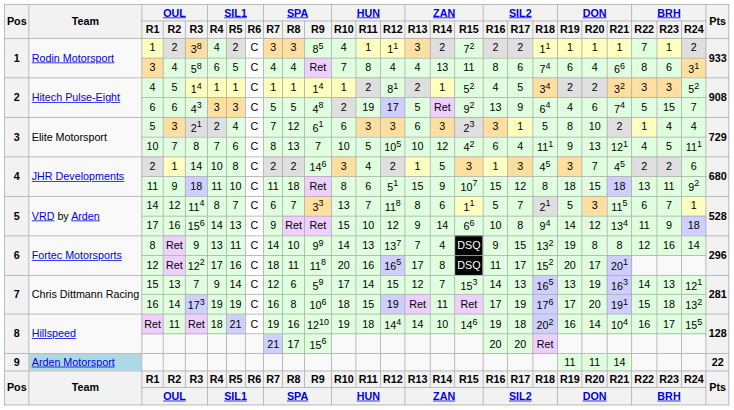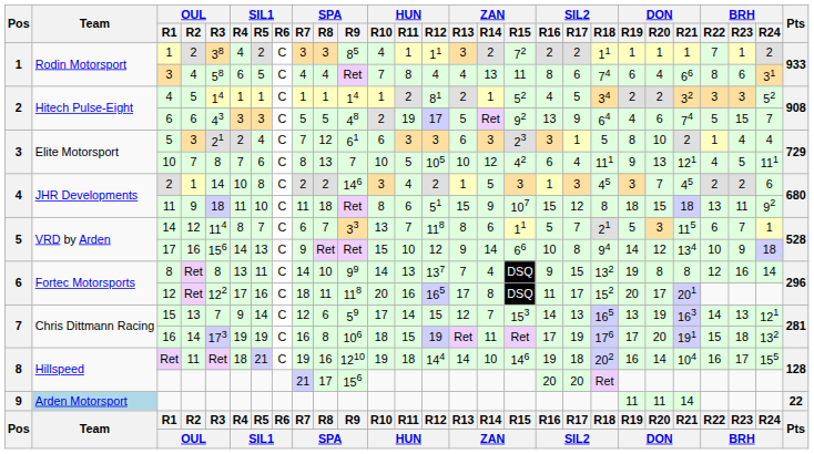 <table class="wikitable" style="font-size:85%; text-align:center">
 <tr>
 <th rowspan="2" valign="middle">Pos</th>
 <th rowspan="2" valign="middle">Team</th>
 <th colspan="3"><a href='#'>OUL</a><br></th>
 <th colspan="3"><a href='#'>SIL1</a><br></th>
 <th colspan="3"><a href='#'>SPA</a><br></th>
 <th colspan="3"><a href='#'>HUN</a><br></th>
 <th colspan="3"><a href='#'>ZAN</a><br></th>
 <th colspan="3"><a href='#'>SIL2</a><br></th>
 <th colspan="3"><a href='#'>DON</a><br></th>
 <th colspan="3"><a href='#'>BRH</a><br></th>
 <th rowspan="2" valign="middle">Pts</th>
 </tr>
 <tr>
 <th>R1</th>
 <th>R2</th>
 <th>R3</th>
 <th>R4</th>
 <th>R5</th>
 <th>R6</th>
 <th>R7</th>
 <th>R8</th>
 <th>R9</th>
 <th>R10</th>
 <th>R11</th>
 <th>R12</th>
 <th>R13</th>
 <th>R14</th>
 <th>R15</th>
 <th>R16</th>
 <th>R17</th>
 <th>R18</th>
 <th>R19</th>
 <th>R20</th>
 <th>R21</th>
 <th>R22</th>
 <th>R23</th>
 <th>R24</th>
 </tr>
 <tr>
 <th rowspan="2">1</th>
 <td rowspan="2" align="left"><a href='#'>Rodin Motorsport</a></td>
 <td bgcolor="#ffffbf">1</td>
 <td bgcolor="#dfdfdf">2</td>
 <td bgcolor="#ffdf9f">3<sup>8</sup></td>
 <td bgcolor="#dfffdf">4</td>
 <td bgcolor="#dfdfdf">2</td>
 <td bgcolor="#ffffff">C</td>
 <td bgcolor="#ffdf9f">3</td>
 <td bgcolor="#ffdf9f">3</td>
 <td bgcolor="#dfffdf">8<sup>5</sup></td>
 <td bgcolor="#dfffdf">4</td>
 <td bgcolor="#ffffbf">1</td>
 <td bgcolor="#ffffbf">1<sup>1</sup></td>
 <td bgcolor="#ffdf9f">3</td>
 <td bgcolor="#dfdfdf">2</td>
 <td bgcolor="#dfffdf">7<sup>2</sup></td>
 <td bgcolor="#dfdfdf">2</td>
 <td bgcolor="#dfdfdf">2</td>
 <td bgcolor="#ffffbf">1<sup>1</sup></td>
 <td bgcolor="#ffffbf">1</td>
 <td bgcolor="#ffffbf">1</td>
 <td bgcolor="#ffffbf">1</td>
 <td bgcolor="#dfffdf">7</td>
 <td bgcolor="#ffffbf">1</td>
 <td bgcolor="#dfdfdf">2</td>
 <th rowspan="2">933</th>
 </tr>
 <tr>
 <td bgcolor="#ffdf9f">3</td>
 <td bgcolor="#dfffdf">4</td>
 <td bgcolor="#dfffdf">5<sup>8</sup></td>
 <td bgcolor="#dfffdf">6</td>
 <td bgcolor="#dfffdf">5</td>
 <td bgcolor="#ffffff">C</td>
 <td bgcolor="#dfffdf">4</td>
 <td bgcolor="#dfffdf">4</td>
 <td bgcolor="#efcfff">Ret</td>
 <td bgcolor="#dfffdf">7</td>
 <td bgcolor="#dfffdf">8</td>
 <td bgcolor="#dfffdf">4</td>
 <td bgcolor="#dfffdf">4</td>
 <td bgcolor="#dfffdf">13</td>
 <td bgcolor="#dfffdf">11</td>
 <td bgcolor="#dfffdf">8</td>
 <td bgcolor="#dfffdf">6</td>
 <td bgcolor="#dfffdf">7<sup>4</sup></td>
 <td bgcolor="#dfffdf">6</td>
 <td bgcolor="#dfffdf">4</td>
 <td bgcolor="#dfffdf">6<sup>6</sup></td>
 <td bgcolor="#dfffdf">8</td>
 <td bgcolor="#dfffdf">6</td>
 <td bgcolor="#ffdf9f">3<sup>1</sup></td>
 </tr>
 <tr>
 <th rowspan="2">2</th>
 <td rowspan="2" align="left"><a href='#'>Hitech Pulse-Eight</a></td>
 <td bgcolor="#dfffdf">4</td>
 <td bgcolor="#dfffdf">5</td>
 <td bgcolor="#ffffbf">1<sup>4</sup></td>
 <td bgcolor="#ffffbf">1</td>
 <td bgcolor="#ffffbf">1</td>
 <td bgcolor="#ffffff">C</td>
 <td bgcolor="#ffffbf">1</td>
 <td bgcolor="#ffffbf">1</td>
 <td bgcolor="#ffffbf">1<sup>4</sup></td>
 <td bgcolor="#ffffbf">1</td>
 <td bgcolor="#dfdfdf">2</td>
 <td bgcolor="#dfffdf">8<sup>1</sup></td>
 <td bgcolor="#dfdfdf">2</td>
 <td bgcolor="#ffffbf">1</td>
 <td bgcolor="#dfffdf">5<sup>2</sup></td>
 <td bgcolor="#dfffdf">4</td>
 <td bgcolor="#dfffdf">5</td>
 <td bgcolor="#ffdf9f">3<sup>4</sup></td>
 <td bgcolor="#dfdfdf">2</td>
 <td bgcolor="#dfdfdf">2</td>
 <td bgcolor="#ffdf9f">3<sup>2</sup></td>
 <td bgcolor="#ffdf9f">3</td>
 <td bgcolor="#ffdf9f">3</td>
 <td bgcolor="#dfffdf">5<sup>2</sup></td>
 <th rowspan="2">908</th>
 </tr>
 <tr>
 <td bgcolor="#dfffdf">6</td>
 <td bgcolor="#dfffdf">6</td>
 <td bgcolor="#dfffdf">4<sup>3</sup></td>
 <td bgcolor="#ffdf9f">3</td>
 <td bgcolor="#ffdf9f">3</td>
 <td bgcolor="#ffffff">C</td>
 <td bgcolor="#dfffdf">5</td>
 <td bgcolor="#dfffdf">5</td>
 <td bgcolor="#dfffdf">4<sup>8</sup></td>
 <td bgcolor="#dfdfdf">2</td>
 <td bgcolor="#dfffdf">19</td>
 <td bgcolor="#cfcfff">17</td>
 <td bgcolor="#dfffdf">5</td>
 <td bgcolor="#efcfff">Ret</td>
 <td bgcolor="#dfffdf">9<sup>2</sup></td>
 <td bgcolor="#dfffdf">13</td>
 <td bgcolor="#dfffdf">9</td>
 <td bgcolor="#dfffdf">6<sup>4</sup></td>
 <td bgcolor="#dfffdf">4</td>
 <td bgcolor="#dfffdf">6</td>
 <td bgcolor="#dfffdf">7<sup>4</sup></td>
 <td bgcolor="#dfffdf">5</td>
 <td bgcolor="#dfffdf">15</td>
 <td bgcolor="#dfffdf">7</td>
 </tr>
 <tr>
 <th rowspan="2">3</th>
 <td rowspan="2" align="left">Elite Motorsport</td>
 <td bgcolor="#dfffdf">5</td>
 <td bgcolor="#ffdf9f">3</td>
 <td bgcolor="#dfdfdf">2<sup>1</sup></td>
 <td bgcolor="#dfdfdf">2</td>
 <td bgcolor="#dfffdf">4</td>
 <td bgcolor="#ffffff">C</td>
 <td bgcolor="#dfffdf">7</td>
 <td bgcolor="#dfffdf">12</td>
 <td bgcolor="#dfffdf">6<sup>1</sup></td>
 <td bgcolor="#dfffdf">6</td>
 <td bgcolor="#ffdf9f">3</td>
 <td bgcolor="#ffdf9f">3</td>
 <td bgcolor="#dfffdf">6</td>
 <td bgcolor="#ffdf9f">3</td>
 <td bgcolor="#dfdfdf">2<sup>3</sup></td>
 <td bgcolor="#ffdf9f">3</td>
 <td bgcolor="#ffffbf">1</td>
 <td bgcolor="#dfffdf">5</td>
 <td bgcolor="#dfffdf">8</td>
 <td bgcolor="#dfffdf">10</td>
 <td bgcolor="#dfdfdf">2</td>
 <td bgcolor="#ffffbf">1</td>
 <td bgcolor="#dfffdf">4</td>
 <td bgcolor="#dfffdf">4</td>
 <th rowspan="2">729</th>
 </tr>
 <tr>
 <td bgcolor="#dfffdf">10</td>
 <td bgcolor="#dfffdf">7</td>
 <td bgcolor="#dfffdf">8</td>
 <td bgcolor="#dfffdf">7</td>
 <td bgcolor="#dfffdf">6</td>
 <td bgcolor="#ffffff">C</td>
 <td bgcolor="#dfffdf">8</td>
 <td bgcolor="#dfffdf">13</td>
 <td bgcolor="#dfffdf">7</td>
 <td bgcolor="#dfffdf">10</td>
 <td bgcolor="#dfffdf">5</td>
 <td bgcolor="#dfffdf">10<sup>5</sup></td>
 <td bgcolor="#dfffdf">10</td>
 <td bgcolor="#dfffdf">12</td>
 <td bgcolor="#dfffdf">4<sup>2</sup></td>
 <td bgcolor="#dfffdf">6</td>
 <td bgcolor="#dfffdf">4</td>
 <td bgcolor="#dfffdf">11<sup>1</sup></td>
 <td bgcolor="#dfffdf">9</td>
 <td bgcolor="#dfffdf">13</td>
 <td bgcolor="#dfffdf">12<sup>1</sup></td>
 <td bgcolor="#dfffdf">4</td>
 <td bgcolor="#dfffdf">5</td>
 <td bgcolor="#dfffdf">11<sup>1</sup></td>
 </tr>
 <tr>
 <th rowspan="2">4</th>
 <td rowspan="2" align="left"><a href='#'>JHR Developments</a></td>
 <td bgcolor="#dfdfdf">2</td>
 <td bgcolor="#ffffbf">1</td>
 <td bgcolor="#dfffdf">14</td>
 <td bgcolor="#dfffdf">10</td>
 <td bgcolor="#dfffdf">8</td>
 <td bgcolor="#ffffff">C</td>
 <td bgcolor="#dfdfdf">2</td>
 <td bgcolor="#dfdfdf">2</td>
 <td bgcolor="#dfffdf">14<sup>6</sup></td>
 <td bgcolor="#ffdf9f">3</td>
 <td bgcolor="#dfffdf">4</td>
 <td bgcolor="#dfdfdf">2</td>
 <td bgcolor="#ffffbf">1</td>
 <td bgcolor="#dfffdf">5</td>
 <td bgcolor="#ffdf9f">3</td>
 <td bgcolor="#ffffbf">1</td>
 <td bgcolor="#ffdf9f">3</td>
 <td bgcolor="#dfffdf">4<sup>5</sup></td>
 <td bgcolor="#ffdf9f">3</td>
 <td bgcolor="#dfffdf">7</td>
 <td bgcolor="#dfffdf">4<sup>5</sup></td>
 <td bgcolor="#dfdfdf">2</td>
 <td bgcolor="#dfdfdf">2</td>
 <td bgcolor="#dfffdf">6</td>
 <th rowspan="2">680</th>
 </tr>
 <tr>
 <td bgcolor="#dfffdf">11</td>
 <td bgcolor="#dfffdf">9</td>
 <td bgcolor="#cfcfff">18</td>
 <td bgcolor="#dfffdf">11</td>
 <td bgcolor="#dfffdf">10</td>
 <td bgcolor="#ffffff">C</td>
 <td bgcolor="#dfffdf">11</td>
 <td bgcolor="#dfffdf">18</td>
 <td bgcolor="#efcfff">Ret</td>
 <td bgcolor="#dfffdf">8</td>
 <td bgcolor="#dfffdf">6</td>
 <td bgcolor="#dfffdf">5<sup>1</sup></td>
 <td bgcolor="#dfffdf">15</td>
 <td bgcolor="#dfffdf">9</td>
 <td bgcolor="#dfffdf">10<sup>7</sup></td>
 <td bgcolor="#dfffdf">15</td>
 <td bgcolor="#dfffdf">12</td>
 <td bgcolor="#dfffdf">8</td>
 <td bgcolor="#dfffdf">18</td>
 <td bgcolor="#dfffdf">15</td>
 <td bgcolor="#cfcfff">18</td>
 <td bgcolor="#dfffdf">13</td>
 <td bgcolor="#dfffdf">11</td>
 <td bgcolor="#dfffdf">9<sup>2</sup></td>
 </tr>
 <tr>
 <th rowspan="2">5</th>
 <td rowspan="2" nowrap align="left"><a href='#'>VRD</a> by <a href='#'>Arden</a></td>
 <td bgcolor="#dfffdf">14</td>
 <td bgcolor="#dfffdf">12</td>
 <td bgcolor="#dfffdf">11<sup>4</sup></td>
 <td bgcolor="#dfffdf">8</td>
 <td bgcolor="#dfffdf">7</td>
 <td bgcolor="#ffffff">C</td>
 <td bgcolor="#dfffdf">6</td>
 <td bgcolor="#dfffdf">7</td>
 <td bgcolor="#ffdf9f">3<sup>3</sup></td>
 <td bgcolor="#dfffdf">13</td>
 <td bgcolor="#dfffdf">7</td>
 <td bgcolor="#dfffdf">11<sup>8</sup></td>
 <td bgcolor="#dfffdf">8</td>
 <td bgcolor="#dfffdf">6</td>
 <td bgcolor="#ffffbf">1<sup>1</sup></td>
 <td bgcolor="#dfffdf">5</td>
 <td bgcolor="#dfffdf">7</td>
 <td bgcolor="#dfdfdf">2<sup>1</sup></td>
 <td bgcolor="#dfffdf">5</td>
 <td bgcolor="#ffdf9f">3</td>
 <td bgcolor="#dfffdf">11<sup>5</sup></td>
 <td bgcolor="#dfffdf">6</td>
 <td bgcolor="#dfffdf">7</td>
 <td bgcolor="#ffffbf">1</td>
 <th rowspan="2">528</th>
 </tr>
 <tr>
 <td bgcolor="#dfffdf">17</td>
 <td bgcolor="#dfffdf">16</td>
 <td bgcolor="#dfffdf">15<sup>6</sup></td>
 <td bgcolor="#dfffdf">14</td>
 <td bgcolor="#dfffdf">13</td>
 <td bgcolor="#ffffff">C</td>
 <td bgcolor="#dfffdf">9</td>
 <td bgcolor="#efcfff">Ret</td>
 <td bgcolor="#efcfff">Ret</td>
 <td bgcolor="#dfffdf">15</td>
 <td bgcolor="#dfffdf">10</td>
 <td bgcolor="#dfffdf">12</td>
 <td bgcolor="#dfffdf">9</td>
 <td bgcolor="#dfffdf">14</td>
 <td bgcolor="#dfffdf">6<sup>6</sup></td>
 <td bgcolor="#dfffdf">10</td>
 <td bgcolor="#dfffdf">8</td>
 <td bgcolor="#dfffdf">9<sup>4</sup></td>
 <td bgcolor="#dfffdf">14</td>
 <td bgcolor="#dfffdf">12</td>
 <td bgcolor="#dfffdf">13<sup>4</sup></td>
-<td bgcolor="#dfffdf">11</td>
+<td bgcolor="#dfffdf">10</td>
 <td bgcolor="#dfffdf">9</td>
 <td bgcolor="#cfcfff">18</td>
 </tr>
 <tr>
 <th rowspan="2">6</th>
 <td rowspan="2" align="left"><a href='#'>Fortec Motorsports</a></td>
 <td bgcolor="#dfffdf">8</td>
 <td bgcolor="#efcfff">Ret</td>
-<td bgcolor="#dfffdf">9</td>
+<td bgcolor="#dfffdf">8</td>
 <td bgcolor="#dfffdf">13</td>
 <td bgcolor="#dfffdf">11</td>
 <td bgcolor="#ffffff">C</td>
 <td bgcolor="#dfffdf">14</td>
 <td bgcolor="#dfffdf">10</td>
 <td bgcolor="#dfffdf">9<sup>9</sup></td>
 <td bgcolor="#dfffdf">14</td>
 <td bgcolor="#dfffdf">13</td>
 <td bgcolor="#dfffdf">13<sup>7</sup></td>
 <td bgcolor="#dfffdf">7</td>
 <td bgcolor="#dfffdf">4</td>
 <td style="background-color:#000000;color:white">DSQ</td>
 <td bgcolor="#dfffdf">9</td>
 <td bgcolor="#dfffdf">15</td>
 <td bgcolor="#dfffdf">13<sup>2</sup></td>
 <td bgcolor="#dfffdf">19</td>
 <td bgcolor="#dfffdf">8</td>
 <td bgcolor="#dfffdf">8</td>
 <td bgcolor="#dfffdf">12</td>
 <td bgcolor="#dfffdf">16</td>
 <td bgcolor="#dfffdf">14</td>
 <th rowspan="2">296</th>
 </tr>
 <tr>
 <td bgcolor="#dfffdf">12</td>
 <td bgcolor="#efcfff">Ret</td>
 <td bgcolor="#dfffdf">12<sup>2</sup></td>
 <td bgcolor="#dfffdf">17</td>
 <td bgcolor="#dfffdf">16</td>
 <td bgcolor="#ffffff">C</td>
 <td bgcolor="#dfffdf">18</td>
 <td bgcolor="#dfffdf">11</td>
 <td bgcolor="#dfffdf">11<sup>8</sup></td>
 <td bgcolor="#dfffdf">20</td>
 <td bgcolor="#dfffdf">16</td>
 <td bgcolor="#cfcfff">16<sup>5</sup></td>
 <td bgcolor="#dfffdf">17</td>
 <td bgcolor="#dfffdf">8</td>
 <td style="background-color:#000000;color:white">DSQ</td>
 <td bgcolor="#dfffdf">11</td>
 <td bgcolor="#dfffdf">17</td>
 <td bgcolor="#dfffdf">15<sup>2</sup></td>
 <td bgcolor="#dfffdf">20</td>
 <td bgcolor="#dfffdf">17</td>
 <td bgcolor="#cfcfff">20<sup>1</sup></td>
 <td></td>
 <td></td>
 <td></td>
 </tr>
 <tr>
 <th rowspan="2">7</th>
 <td rowspan="2" align="left" nowrap>Chris Dittmann Racing</td>
 <td bgcolor="#dfffdf">15</td>
 <td bgcolor="#dfffdf">13</td>
 <td bgcolor="#dfffdf">7</td>
 <td bgcolor="#dfffdf">9</td>
 <td bgcolor="#dfffdf">14</td>
 <td bgcolor="#ffffff">C</td>
 <td bgcolor="#dfffdf">12</td>
 <td bgcolor="#dfffdf">6</td>
 <td bgcolor="#dfffdf">5<sup>9</sup></td>
 <td bgcolor="#dfffdf">17</td>
 <td bgcolor="#dfffdf">14</td>
 <td bgcolor="#dfffdf">15</td>
 <td bgcolor="#dfffdf">12</td>
 <td bgcolor="#dfffdf">7</td>
 <td bgcolor="#dfffdf">15<sup>3</sup></td>
 <td bgcolor="#dfffdf">14</td>
 <td bgcolor="#dfffdf">13</td>
 <td bgcolor="#cfcfff">16<sup>5</sup></td>
 <td bgcolor="#dfffdf">13</td>
 <td bgcolor="#dfffdf">19</td>
 <td bgcolor="#cfcfff">16<sup>3</sup></td>
 <td bgcolor="#dfffdf">14</td>
 <td bgcolor="#dfffdf">13</td>
 <td bgcolor="#dfffdf">12<sup>1</sup></td>
 <th rowspan="2">281</th>
 </tr>
 <tr>
 <td bgcolor="#dfffdf">16</td>
 <td bgcolor="#dfffdf">14</td>
 <td bgcolor="#cfcfff">17<sup>3</sup></td>
 <td bgcolor="#dfffdf">19</td>
 <td bgcolor="#dfffdf">19</td>
 <td bgcolor="#ffffff">C</td>
 <td bgcolor="#dfffdf">16</td>
 <td bgcolor="#dfffdf">8</td>
 <td bgcolor="#dfffdf">10<sup>6</sup></td>
 <td bgcolor="#dfffdf">18</td>
 <td bgcolor="#dfffdf">15</td>
 <td bgcolor="#cfcfff">19</td>
 <td bgcolor="#efcfff">Ret</td>
 <td bgcolor="#dfffdf">11</td>
 <td bgcolor="#efcfff">Ret</td>
 <td bgcolor="#dfffdf">17</td>
 <td bgcolor="#dfffdf">19</td>
 <td bgcolor="#cfcfff">17<sup>6</sup></td>
 <td bgcolor="#dfffdf">17</td>
 <td bgcolor="#dfffdf">20</td>
 <td bgcolor="#cfcfff">19<sup>1</sup></td>
 <td bgcolor="#dfffdf">15</td>
 <td bgcolor="#dfffdf">18</td>
 <td bgcolor="#dfffdf">13<sup>2</sup></td>
 </tr>
 <tr>
 <th rowspan="2">8</th>
 <td rowspan="2" align="left"><a href='#'>Hillspeed</a></td>
 <td bgcolor="#efcfff">Ret</td>
 <td bgcolor="#dfffdf">11</td>
 <td bgcolor="#efcfff">Ret</td>
 <td bgcolor="#dfffdf">18</td>
 <td bgcolor="#cfcfff">21</td>
 <td bgcolor="#ffffff">C</td>
 <td bgcolor="#dfffdf">19</td>
 <td bgcolor="#dfffdf">16</td>
 <td bgcolor="#dfffdf">12<sup>10</sup></td>
 <td bgcolor="#dfffdf">19</td>
 <td bgcolor="#dfffdf">18</td>
 <td bgcolor="#dfffdf">14<sup>4</sup></td>
 <td bgcolor="#dfffdf">14</td>
 <td bgcolor="#dfffdf">10</td>
 <td bgcolor="#dfffdf">14<sup>6</sup></td>
 <td bgcolor="#dfffdf">19</td>
 <td bgcolor="#dfffdf">18</td>
 <td bgcolor="#cfcfff">20<sup>2</sup></td>
 <td bgcolor="#dfffdf">16</td>
 <td bgcolor="#dfffdf">14</td>
 <td bgcolor="#dfffdf">10<sup>4</sup></td>
 <td bgcolor="#dfffdf">16</td>
 <td bgcolor="#dfffdf">17</td>
 <td bgcolor="#dfffdf">15<sup>5</sup></td>
 <th rowspan="2">128</th>
 </tr>
 <tr>
 <td></td>
 <td></td>
 <td></td>
 <td></td>
 <td></td>
 <td></td>
 <td bgcolor="#cfcfff">21</td>
 <td bgcolor="#dfffdf">17</td>
 <td bgcolor="#dfffdf">15<sup>6</sup></td>
 <td></td>
 <td></td>
 <td></td>
 <td></td>
 <td></td>
 <td></td>
 <td bgcolor="#dfffdf">20</td>
 <td bgcolor="#dfffdf">20</td>
 <td bgcolor="#efcfff">Ret</td>
 <td></td>
 <td></td>
 <td></td>
 <td></td>
 <td></td>
 <td></td>
 </tr>
 <tr>
 <th>9</th>
 <td align="left" style="background: lightblue;"><a href='#'>Arden Motorsport</a></td>
 <td></td>
 <td></td>
 <td></td>
 <td></td>
 <td></td>
 <td></td>
 <td></td>
 <td></td>
 <td></td>
 <td></td>
 <td></td>
 <td></td>
 <td></td>
 <td></td>
 <td></td>
 <td></td>
 <td></td>
 <td></td>
 <td bgcolor="#dfffdf">11</td>
 <td bgcolor="#dfffdf">11</td>
 <td bgcolor="#dfffdf">14</td>
 <td></td>
 <td></td>
 <td></td>
 <th>22</th>
 </tr>
 <tr>
 <th rowspan="2">Pos</th>
 <th rowspan="2">Team</th>
 <th>R1</th>
 <th>R2</th>
 <th>R3</th>
 <th>R4</th>
 <th>R5</th>
 <th>R6</th>
 <th>R7</th>
 <th>R8</th>
 <th>R9</th>
 <th>R10</th>
 <th>R11</th>
 <th>R12</th>
 <th>R13</th>
 <th>R14</th>
 <th>R15</th>
 <th>R16</th>
 <th>R17</th>
 <th>R18</th>
 <th>R19</th>
 <th>R20</th>
 <th>R21</th>
 <th>R22</th>
 <th>R23</th>
 <th>R24</th>
 <th rowspan="2">Pts</th>
 </tr>
 <tr>
 <th colspan="3"><a href='#'>OUL</a><br></th>
 <th colspan="3"><a href='#'>SIL1</a><br></th>
 <th colspan="3"><a href='#'>SPA</a><br></th>
 <th colspan="3"><a href='#'>HUN</a><br></th>
 <th colspan="3"><a href='#'>ZAN</a><br></th>
 <th colspan="3"><a href='#'>SIL2</a><br></th>
 <th colspan="3"><a href='#'>DON</a><br></th>
 <th colspan="3"><a href='#'>BRH</a><br></th>
 </tr>
 </table>
